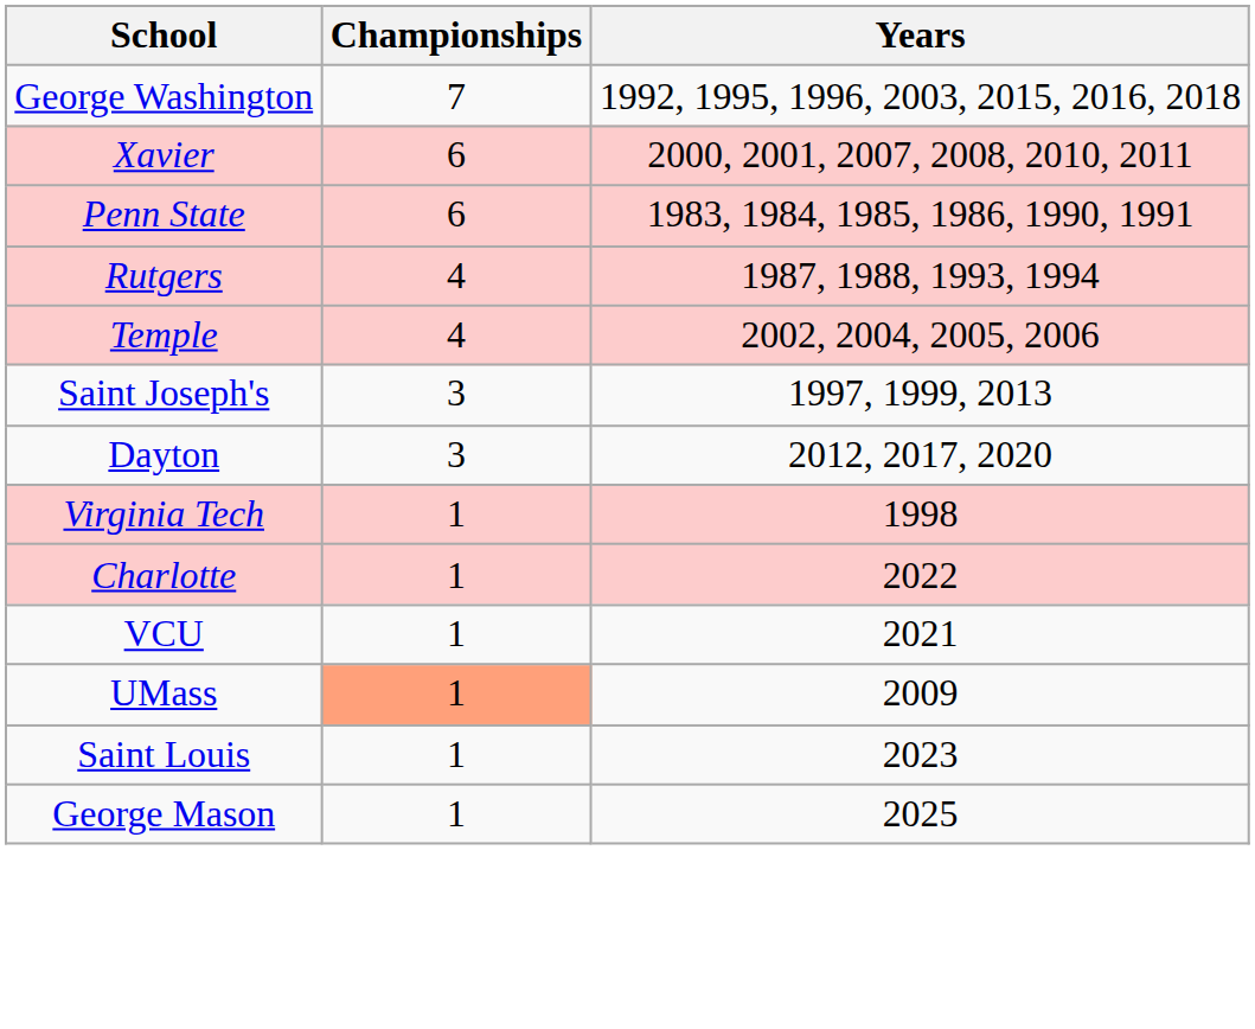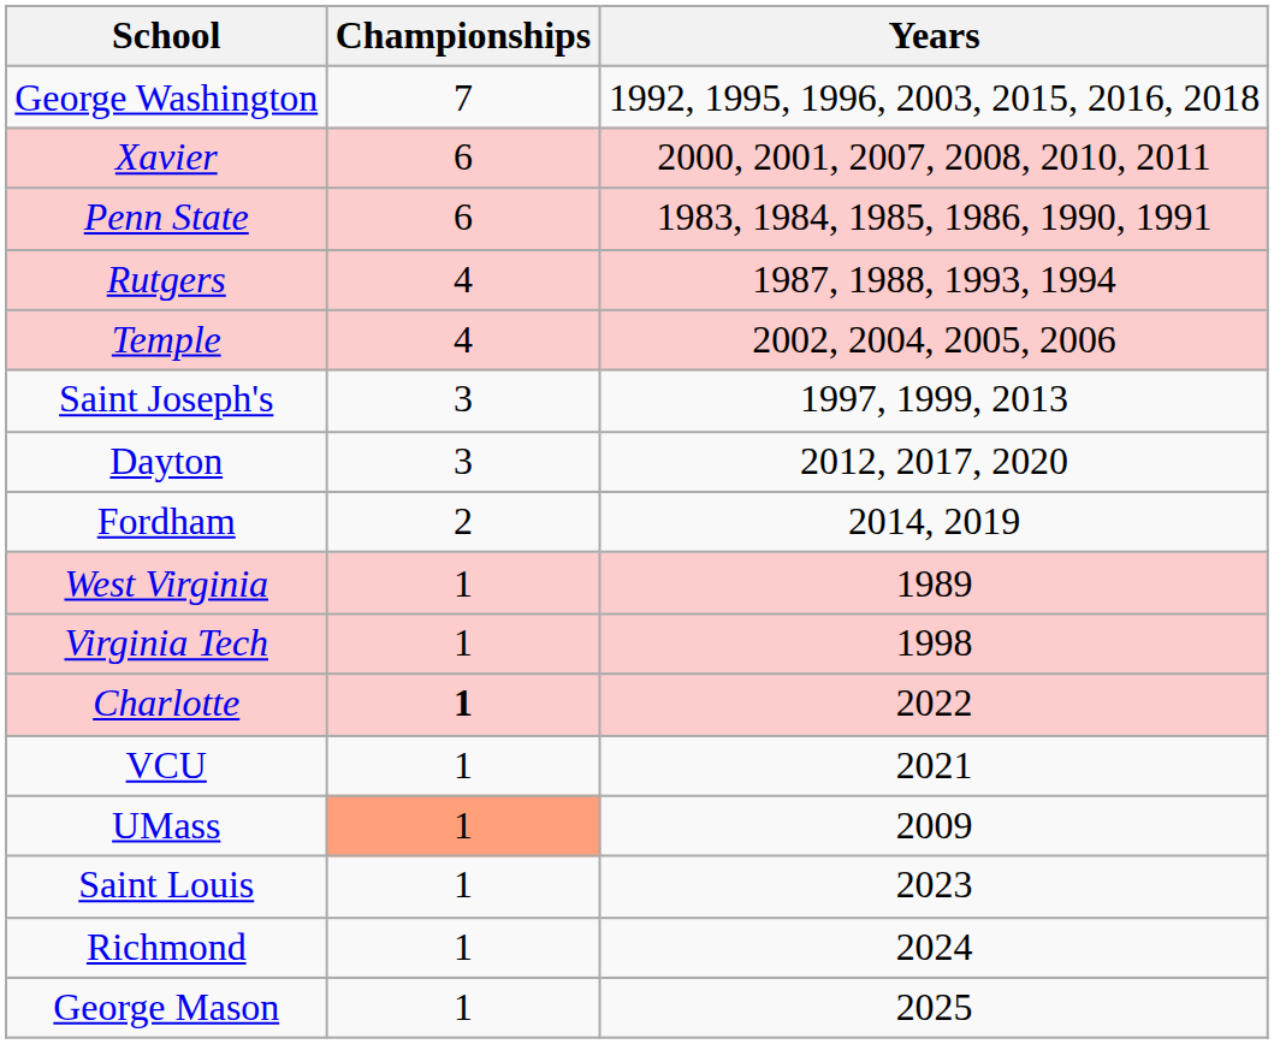 <table class="wikitable sortable" style="text-align:center">
 <tr>
 <th width=px>School</th>
 <th width=px>Championships</th>
 <th width=px>Years</th>
 </tr>
 <tr>
 <td><a href='#'>George Washington</a></td>
 <td>7</td>
 <td>1992, 1995, 1996, 2003, 2015, 2016, 2018</td>
 </tr>
 <tr bgcolor=#fdcccc>
 <td><em><a href='#'>Xavier</a></em></td>
 <td>6</td>
 <td>2000, 2001, 2007, 2008, 2010, 2011</td>
 </tr>
 <tr bgcolor=#fdcccc>
 <td><em><a href='#'>Penn State</a></em></td>
 <td>6</td>
 <td>1983, 1984, 1985, 1986, 1990, 1991</td>
 </tr>
 <tr bgcolor=#fdcccc>
 <td><em><a href='#'>Rutgers</a></em></td>
 <td>4</td>
 <td>1987, 1988, 1993, 1994</td>
 </tr>
 <tr bgcolor=#fdcccc>
 <td><em><a href='#'>Temple</a></em></td>
 <td>4</td>
 <td>2002, 2004, 2005, 2006</td>
 </tr>
 <tr>
 <td><a href='#'>Saint Joseph's</a></td>
 <td>3</td>
 <td>1997, 1999, 2013</td>
 </tr>
 <tr>
 <td><a href='#'>Dayton</a></td>
 <td>3</td>
 <td>2012, 2017, 2020</td>
 </tr>
+<tr>
+<td><a href='#'>Fordham</a></td>
+<td>2</td>
+<td>2014, 2019</td>
+</tr>
+<tr bgcolor=#fdcccc>
+<td><em><a href='#'>West Virginia</a></em></td>
+<td>1</td>
+<td>1989</td>
+</tr>
 <tr bgcolor=#fdcccc>
 <td><em><a href='#'>Virginia Tech</a></em></td>
 <td>1</td>
 <td>1998</td>
 </tr>
 <tr bgcolor=#fdcccc>
 <td><em><a href='#'>Charlotte</a></em></td>
-<td>1</td>
+<td><strong>1</strong></td>
 <td>2022</td>
 </tr>
 <tr>
 <td><a href='#'>VCU</a></td>
 <td>1</td>
 <td>2021</td>
 </tr>
 <tr>
 <td><a href='#'>UMass</a></td>
 <td style="background: lightsalmon;">1</td>
 <td>2009</td>
 </tr>
 <tr>
 <td><a href='#'>Saint Louis</a></td>
 <td>1</td>
 <td>2023</td>
 </tr>
 <tr>
+<td><a href='#'>Richmond</a></td>
+<td>1</td>
+<td>2024</td>
+</tr>
+<tr>
 <td><a href='#'>George Mason</a></td>
 <td>1</td>
 <td>2025</td>
 </tr>
 </table>
